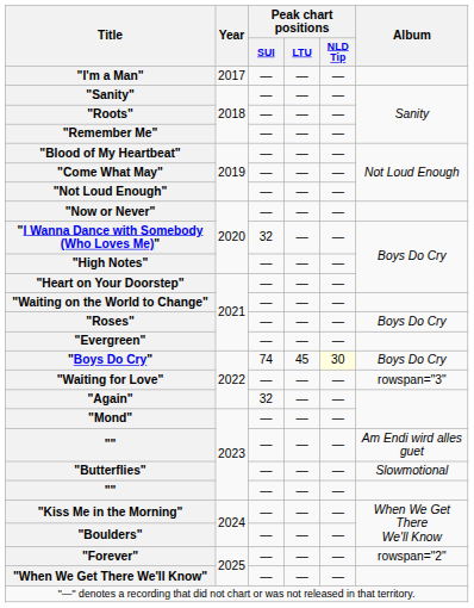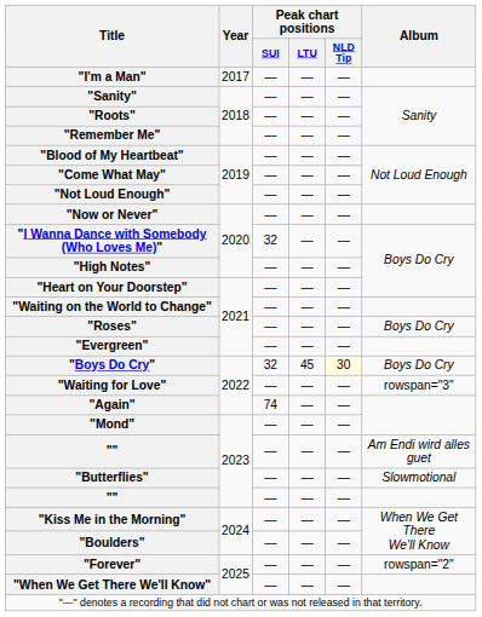 <table class="wikitable plainrowheaders" style="text-align:center;">
 <tr>
 <th scope="col" rowspan="2">Title</th>
 <th scope="col" rowspan="2">Year</th>
 <th scope="col" colspan="3">Peak chart positions</th>
 <th scope="col" rowspan="2">Album</th>
 </tr>
 <tr>
 <th style="width:3em;font-size:85%"><a href='#'>SUI</a><br></th>
 <th style="width:3em;font-size:85%"><a href='#'>LTU</a><br></th>
 <th style="width:3em;font-size:85%"><a href='#'>NLD<br>Tip</a><br></th>
 </tr>
 <tr>
 <th scope="row">"I'm a Man"</th>
 <td>2017</td>
 <td>—</td>
 <td>—</td>
 <td>—</td>
 <td></td>
 </tr>
 <tr>
 <th scope="row">"Sanity"</th>
 <td rowspan="3">2018</td>
 <td>—</td>
 <td>—</td>
 <td>—</td>
 <td rowspan="3"><em>Sanity</em></td>
 </tr>
 <tr>
 <th scope="row">"Roots"</th>
 <td>—</td>
 <td>—</td>
 <td>—</td>
 </tr>
 <tr>
 <th scope="row">"Remember Me"</th>
 <td>—</td>
 <td>—</td>
 <td>—</td>
 </tr>
 <tr>
 <th scope="row">"Blood of My Heartbeat"</th>
 <td rowspan="3">2019</td>
 <td>—</td>
 <td>—</td>
 <td>—</td>
 <td rowspan="3"><em>Not Loud Enough</em></td>
 </tr>
 <tr>
 <th scope="row">"Come What May"</th>
 <td>—</td>
 <td>—</td>
 <td>—</td>
 </tr>
 <tr>
 <th scope="row">"Not Loud Enough"</th>
 <td>—</td>
 <td>—</td>
 <td>—</td>
 </tr>
 <tr>
 <th scope="row">"Now or Never"</th>
 <td rowspan="3">2020</td>
 <td>—</td>
 <td>—</td>
 <td>—</td>
 <td></td>
 </tr>
 <tr>
 <th scope="row">"<a href='#'>I Wanna Dance with Somebody (Who Loves Me)</a>"</th>
 <td>32</td>
 <td>—</td>
 <td>—</td>
 <td rowspan="3"><em>Boys Do Cry</em></td>
 </tr>
 <tr>
 <th scope="row">"High Notes"</th>
 <td>—</td>
 <td>—</td>
 <td>—</td>
 </tr>
 <tr>
 <th scope="row">"Heart on Your Doorstep"</th>
 <td rowspan="4">2021</td>
 <td>—</td>
 <td>—</td>
 <td>—</td>
 </tr>
 <tr>
 <th scope="row">"Waiting on the World to Change"<br></th>
 <td>—</td>
 <td>—</td>
 <td>—</td>
 <td></td>
 </tr>
 <tr>
 <th scope="row">"Roses"</th>
 <td>—</td>
 <td>—</td>
 <td>—</td>
 <td><em>Boys Do Cry</em></td>
 </tr>
 <tr>
 <th scope="row">"Evergreen"</th>
 <td>—</td>
 <td>—</td>
 <td>—</td>
 <td></td>
 </tr>
 <tr>
 <th scope="row">"<a href='#'>Boys Do Cry</a>"</th>
 <td rowspan="3">2022</td>
-<td>74</td>
+<td>32</td>
 <td>45</td>
 <td style="background: lightyellow;">30</td>
 <td><em>Boys Do Cry</em></td>
 </tr>
 <tr>
 <th scope="row">"Waiting for Love"</th>
 <td>—</td>
 <td>—</td>
 <td>—</td>
 <td>rowspan="3" </td>
 </tr>
 <tr>
 <th scope="row">"Again"<br></th>
-<td>32</td>
+<td>74</td>
 <td>—</td>
 <td>—</td>
 </tr>
 <tr>
 <th scope="row">"Mond"</th>
 <td rowspan="4">2023</td>
 <td>—</td>
 <td>—</td>
 <td>—</td>
 </tr>
 <tr>
 <th scope="row">""<br></th>
 <td>—</td>
 <td>—</td>
 <td>—</td>
 <td><em>Am Endi wird alles guet</em></td>
 </tr>
 <tr>
 <th scope="row">"Butterflies"</th>
 <td>—</td>
 <td>—</td>
 <td>—</td>
 <td><em>Slowmotional</em></td>
 </tr>
 <tr>
 <th scope="row">""</th>
 <td>—</td>
 <td>—</td>
 <td>—</td>
 <td></td>
 </tr>
 <tr>
 <th scope="row">"Kiss Me in the Morning"</th>
 <td rowspan="2">2024</td>
 <td>—</td>
 <td>—</td>
 <td>—</td>
 <td rowspan="2"><em>When We Get There<br>We'll Know</em></td>
 </tr>
 <tr>
 <th scope="row">"Boulders"</th>
 <td>—</td>
 <td>—</td>
 <td>—</td>
 </tr>
 <tr>
 <th scope="row">"Forever"</th>
 <td rowspan="2">2025</td>
 <td>—</td>
 <td>—</td>
 <td>—</td>
 <td>rowspan="2" </td>
 </tr>
 <tr>
 <th scope="row">"When We Get There We'll Know"</th>
 <td>—</td>
 <td>—</td>
 <td>—</td>
 </tr>
 <tr>
 <td colspan="6" style="font-size:85%">"—" denotes a recording that did not chart or was not released in that territory.</td>
 </tr>
 </table>
